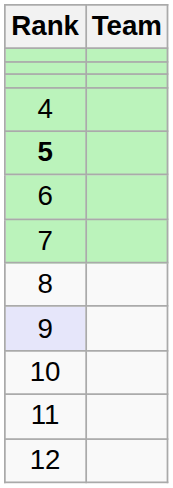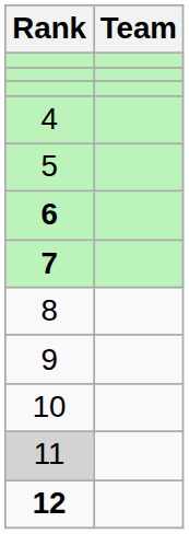 <table class="wikitable">
 <tr>
 <th>Rank</th>
 <th>Team</th>
 </tr>
 <tr bgcolor=bbf3bb>
 <td align=center></td>
 <td></td>
 </tr>
 <tr bgcolor=bbf3bb>
 <td align=center></td>
 <td></td>
 </tr>
 <tr bgcolor=bbf3bb>
 <td align=center></td>
 <td></td>
 </tr>
 <tr bgcolor=bbf3bb>
 <td align=center>4</td>
 <td></td>
 </tr>
 <tr bgcolor=bbf3bb>
-<td align=center><strong>5</strong></td>
+<td align=center>5</td>
 <td></td>
 </tr>
 <tr bgcolor=bbf3bb>
-<td align=center>6</td>
+<td align=center><strong>6</strong></td>
 <td></td>
 </tr>
 <tr bgcolor=bbf3bb>
-<td align=center>7</td>
+<td align=center><strong>7</strong></td>
 <td></td>
 </tr>
 <tr>
 <td align=center>8</td>
 <td></td>
 </tr>
 <tr>
-<td align=center style="background: lavender;">9</td>
+<td align=center>9</td>
 <td></td>
 </tr>
 <tr>
 <td align=center>10</td>
 <td></td>
 </tr>
 <tr>
-<td align=center>11</td>
+<td align=center style="background: lightgrey;">11</td>
 <td></td>
 </tr>
 <tr>
-<td align=center>12</td>
+<td align=center><strong>12</strong></td>
 <td></td>
 </tr>
 </table>
